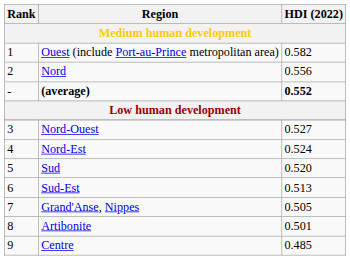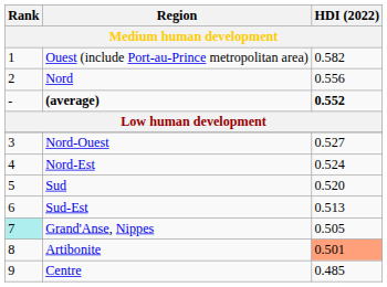 <table class="wikitable sortable">
 <tr>
 <th>Rank</th>
 <th>Region</th>
 <th>HDI (2022)</th>
 </tr>
 <tr>
 <th colspan="3" style="color:#fc0;">Medium human development</th>
 </tr>
 <tr>
 <td>1</td>
 <td><a href='#'>Ouest</a> (include <a href='#'>Port-au-Prince</a> metropolitan area)</td>
 <td>0.582</td>
 </tr>
 <tr>
 <td>2</td>
 <td><a href='#'>Nord</a></td>
 <td>0.556</td>
 </tr>
 <tr>
 <td>-</td>
 <td><strong> (average)</strong></td>
 <td><strong>0.552</strong></td>
 </tr>
 <tr>
 <th colspan="3" style="color:#900;">Low human development</th>
 </tr>
 <tr>
 </tr>
 <tr style="background:#e6e6e6">
 </tr>
 <tr>
 <td>3</td>
 <td><a href='#'>Nord-Ouest</a></td>
 <td>0.527</td>
 </tr>
 <tr>
 <td>4</td>
 <td><a href='#'>Nord-Est</a></td>
 <td>0.524</td>
 </tr>
 <tr>
 <td>5</td>
 <td><a href='#'>Sud</a></td>
 <td>0.520</td>
 </tr>
 <tr>
 <td>6</td>
 <td><a href='#'>Sud-Est</a></td>
 <td>0.513</td>
 </tr>
 <tr>
-<td>7</td>
+<td style="background: paleturquoise;">7</td>
 <td><a href='#'>Grand'Anse</a>, <a href='#'>Nippes</a></td>
 <td>0.505</td>
 </tr>
 <tr>
 <td>8</td>
 <td><a href='#'>Artibonite</a></td>
-<td>0.501</td>
+<td style="background: lightsalmon;">0.501</td>
 </tr>
 <tr>
 <td>9</td>
 <td><a href='#'>Centre</a></td>
 <td>0.485</td>
 </tr>
 </table>
